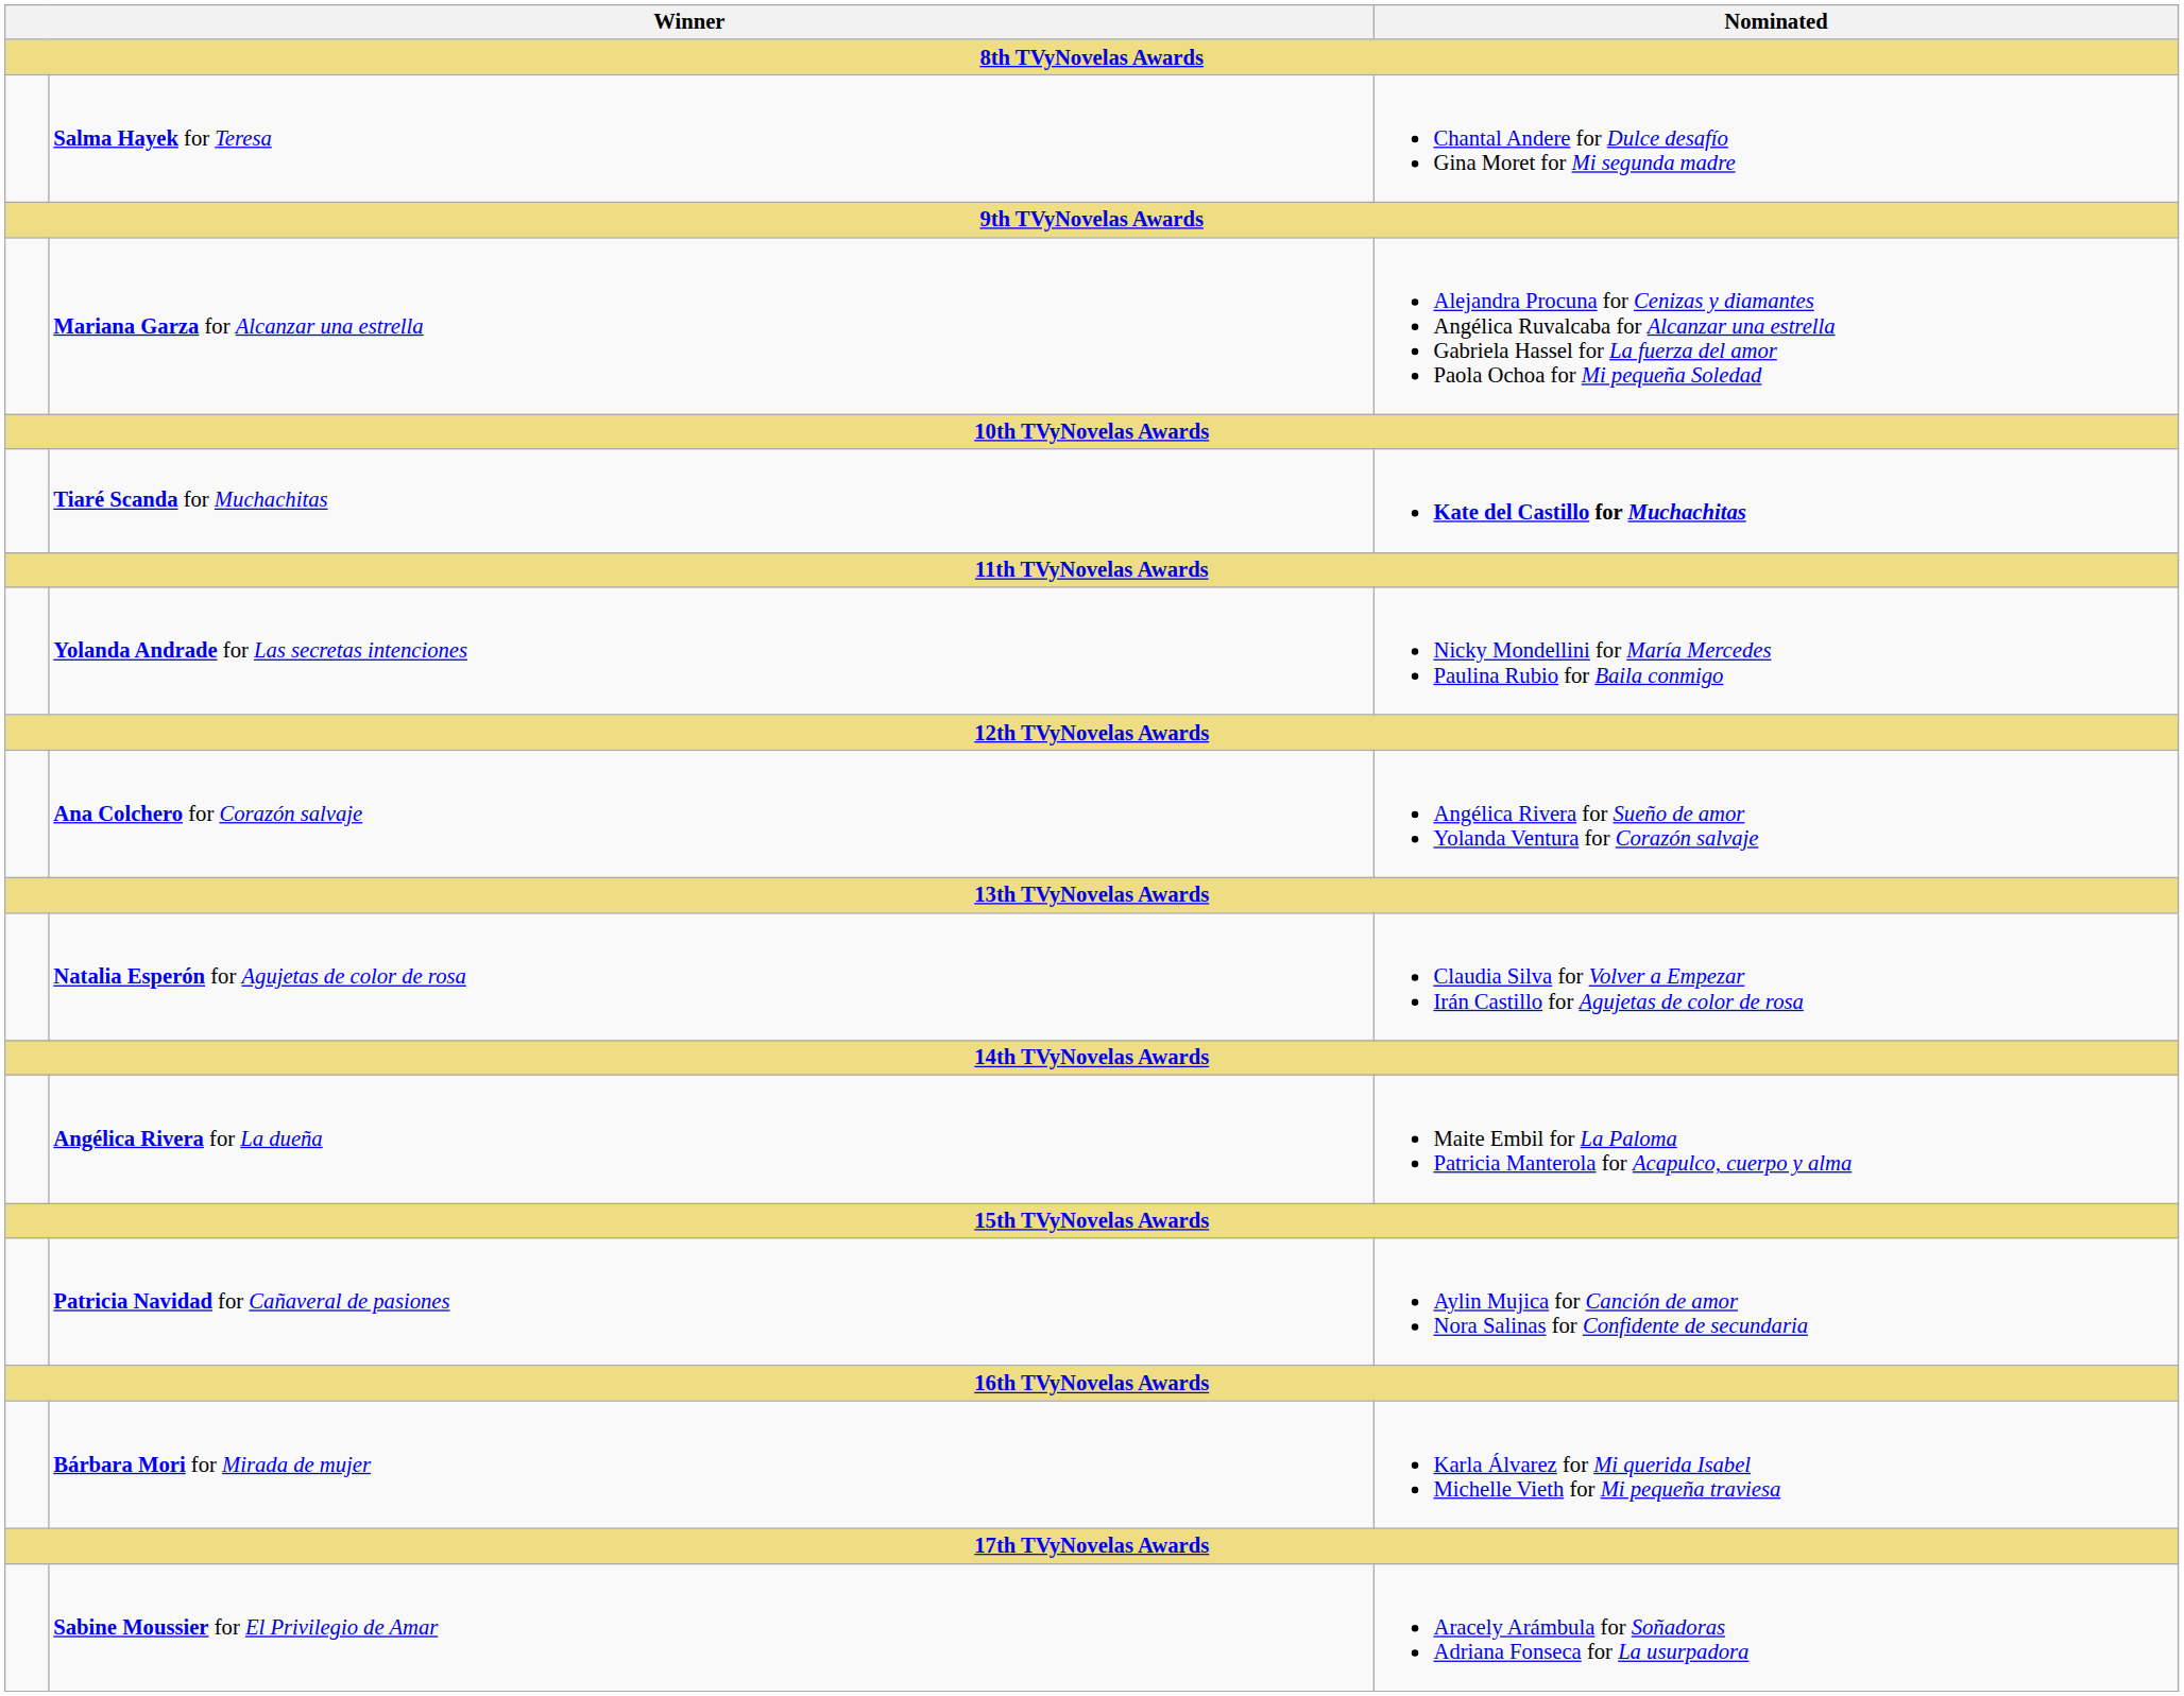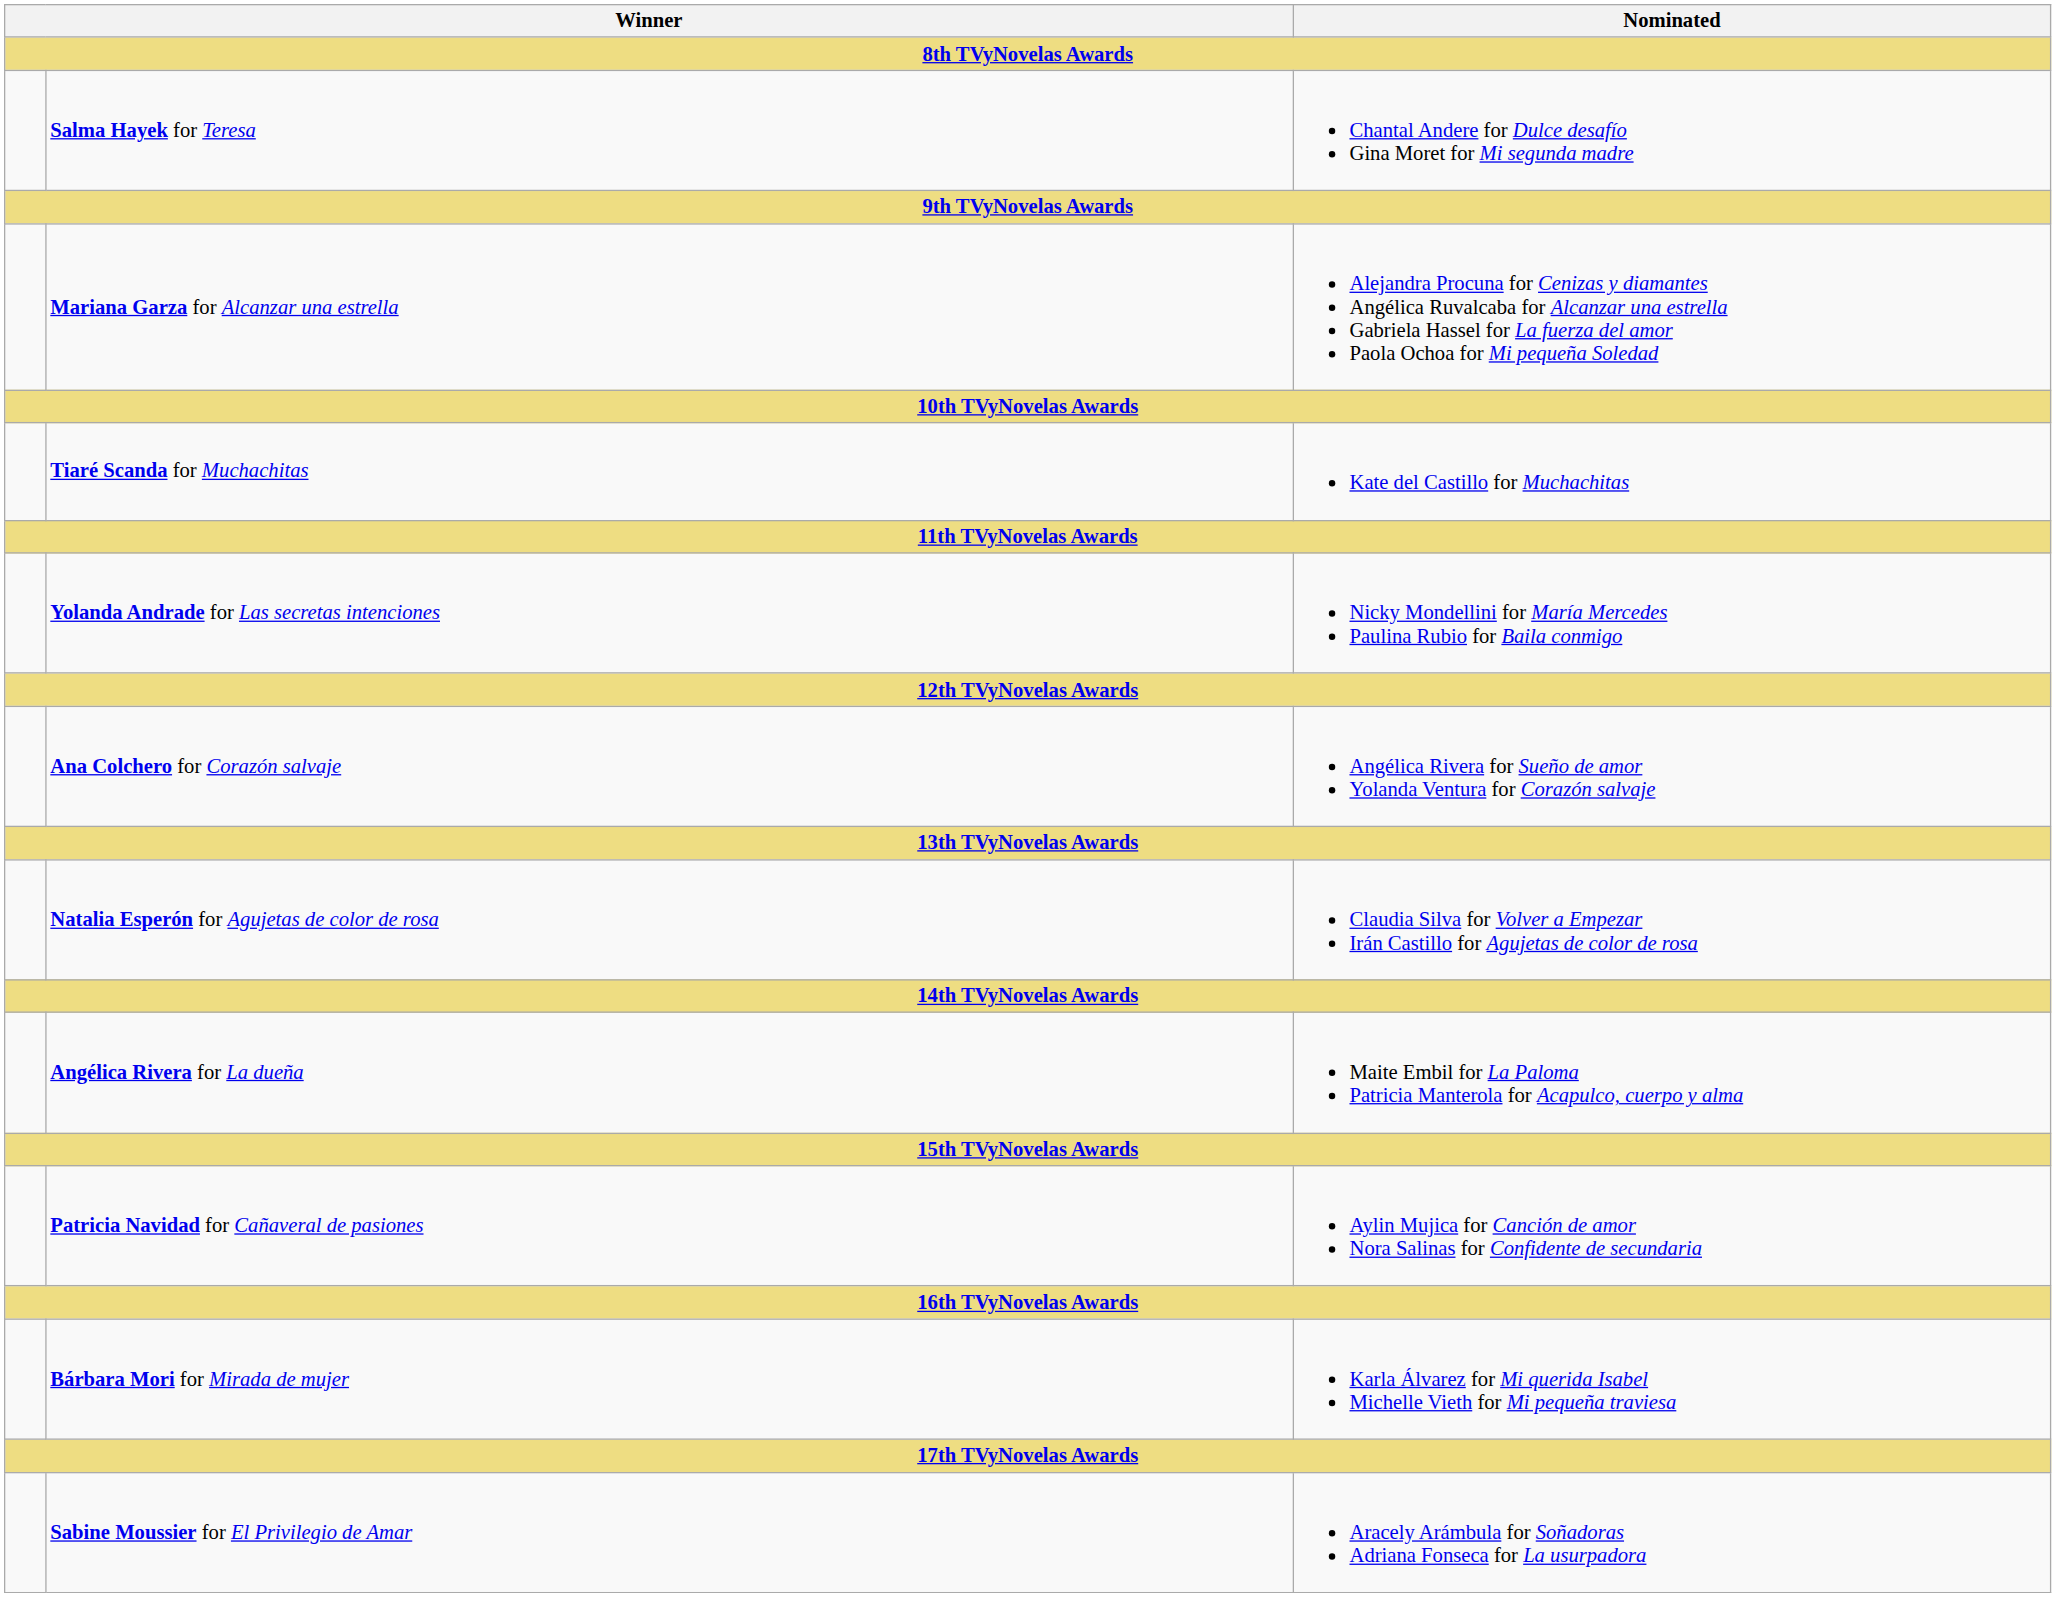 <table class="wikitable" width=80%>
 <tr align=center>
 <th width="150px;" colspan=2; align="center">Winner</th>
 <th width="580px;" align="center">Nominated</th>
 </tr>
 <tr>
 <th colspan=9 style="background:#EEDD82;"  align="center"><strong><a href='#'>8th TVyNovelas Awards</a></strong></th>
 </tr>
 <tr>
 <td width=2%></td>
 <td><strong><a href='#'>Salma Hayek</a></strong> for <em><a href='#'>Teresa</a></em></td>
 <td><br><ul><li><a href='#'>Chantal Andere</a> for <em><a href='#'>Dulce desafío</a></em></li><li>Gina Moret for <em><a href='#'>Mi segunda madre</a></em></li></ul></td>
 </tr>
 <tr>
 <th colspan=9 style="background:#EEDD82;"  align="center"><strong><a href='#'>9th TVyNovelas Awards</a></strong></th>
 </tr>
 <tr>
 <td width=2%></td>
 <td><strong><a href='#'>Mariana Garza</a></strong> for <em><a href='#'>Alcanzar una estrella</a></em></td>
 <td><br><ul><li><a href='#'>Alejandra Procuna</a> for <em><a href='#'>Cenizas y diamantes</a></em></li><li>Angélica Ruvalcaba for <em><a href='#'>Alcanzar una estrella</a></em></li><li>Gabriela Hassel for <em><a href='#'>La fuerza del amor</a></em></li><li>Paola Ochoa for <em><a href='#'>Mi pequeña Soledad</a></em></li></ul></td>
 </tr>
 <tr>
 <th colspan=9 style="background:#EEDD82;"  align="center"><strong><a href='#'>10th TVyNovelas Awards</a></strong></th>
 </tr>
 <tr>
 <td width=2%></td>
 <td><strong><a href='#'>Tiaré Scanda</a></strong> for <em><a href='#'>Muchachitas</a></em></td>
-<td><strong><br><ul><li><a href='#'>Kate del Castillo</a> for <em><a href='#'>Muchachitas</a></em></li></ul></strong></td>
+<td><br><ul><li><a href='#'>Kate del Castillo</a> for <em><a href='#'>Muchachitas</a></em></li></ul></td>
 </tr>
 <tr>
 <th colspan=9 style="background:#EEDD82;"  align="center"><strong><a href='#'>11th TVyNovelas Awards</a></strong></th>
 </tr>
 <tr>
 <td width=2%></td>
 <td><strong><a href='#'>Yolanda Andrade</a></strong> for <em><a href='#'>Las secretas intenciones</a></em></td>
 <td><br><ul><li><a href='#'>Nicky Mondellini</a> for <em><a href='#'>María Mercedes</a></em></li><li><a href='#'>Paulina Rubio</a> for <em><a href='#'>Baila conmigo</a></em></li></ul></td>
 </tr>
 <tr>
 <th colspan=9 style="background:#EEDD82;"  align="center"><strong><a href='#'>12th TVyNovelas Awards</a></strong></th>
 </tr>
 <tr>
 <td width=2%></td>
 <td><strong><a href='#'>Ana Colchero</a></strong> for <em><a href='#'>Corazón salvaje</a></em></td>
 <td><br><ul><li><a href='#'>Angélica Rivera</a> for <em><a href='#'>Sueño de amor</a></em></li><li><a href='#'>Yolanda Ventura</a> for <em><a href='#'>Corazón salvaje</a></em></li></ul></td>
 </tr>
 <tr>
 <th colspan=9 style="background:#EEDD82;"  align="center"><strong><a href='#'>13th TVyNovelas Awards</a></strong></th>
 </tr>
 <tr>
 <td width=2%></td>
 <td><strong><a href='#'>Natalia Esperón</a></strong> for <em><a href='#'>Agujetas de color de rosa</a></em></td>
 <td><br><ul><li><a href='#'>Claudia Silva</a> for <em><a href='#'>Volver a Empezar</a></em></li><li><a href='#'>Irán Castillo</a> for <em><a href='#'>Agujetas de color de rosa</a></em></li></ul></td>
 </tr>
 <tr>
 <th colspan=9 style="background:#EEDD82;"  align="center"><strong><a href='#'>14th TVyNovelas Awards</a></strong></th>
 </tr>
 <tr>
 <td width=2%></td>
 <td><strong><a href='#'>Angélica Rivera</a></strong> for <em><a href='#'>La dueña</a></em></td>
 <td><br><ul><li>Maite Embil for <em><a href='#'>La Paloma</a></em></li><li><a href='#'>Patricia Manterola</a> for <em><a href='#'>Acapulco, cuerpo y alma</a></em></li></ul></td>
 </tr>
 <tr>
 <th colspan=9 style="background:#EEDD82;"  align="center"><strong><a href='#'>15th TVyNovelas Awards</a></strong></th>
 </tr>
 <tr>
 <td width=2%></td>
 <td><strong><a href='#'>Patricia Navidad</a></strong> for <em><a href='#'>Cañaveral de pasiones</a></em></td>
 <td><br><ul><li><a href='#'>Aylin Mujica</a> for <em><a href='#'>Canción de amor</a></em></li><li><a href='#'>Nora Salinas</a> for <em><a href='#'>Confidente de secundaria</a></em></li></ul></td>
 </tr>
 <tr>
 <th colspan=9 style="background:#EEDD82;"  align="center"><strong><a href='#'>16th TVyNovelas Awards</a></strong></th>
 </tr>
 <tr>
 <td width=2%></td>
 <td><strong><a href='#'>Bárbara Mori</a></strong> for <em><a href='#'>Mirada de mujer</a></em></td>
 <td><br><ul><li><a href='#'>Karla Álvarez</a> for <em><a href='#'>Mi querida Isabel</a></em></li><li><a href='#'>Michelle Vieth</a> for <em><a href='#'>Mi pequeña traviesa</a></em></li></ul></td>
 </tr>
 <tr>
 <th colspan=9 style="background:#EEDD82;"  align="center"><strong><a href='#'>17th TVyNovelas Awards</a></strong></th>
 </tr>
 <tr>
 <td width=2%></td>
 <td><strong><a href='#'>Sabine Moussier</a></strong> for <em><a href='#'>El Privilegio de Amar</a></em></td>
 <td><br><ul><li><a href='#'>Aracely Arámbula</a> for <em><a href='#'>Soñadoras</a></em></li><li><a href='#'>Adriana Fonseca</a> for <em><a href='#'>La usurpadora</a></em></li></ul></td>
 </tr>
 </table>
